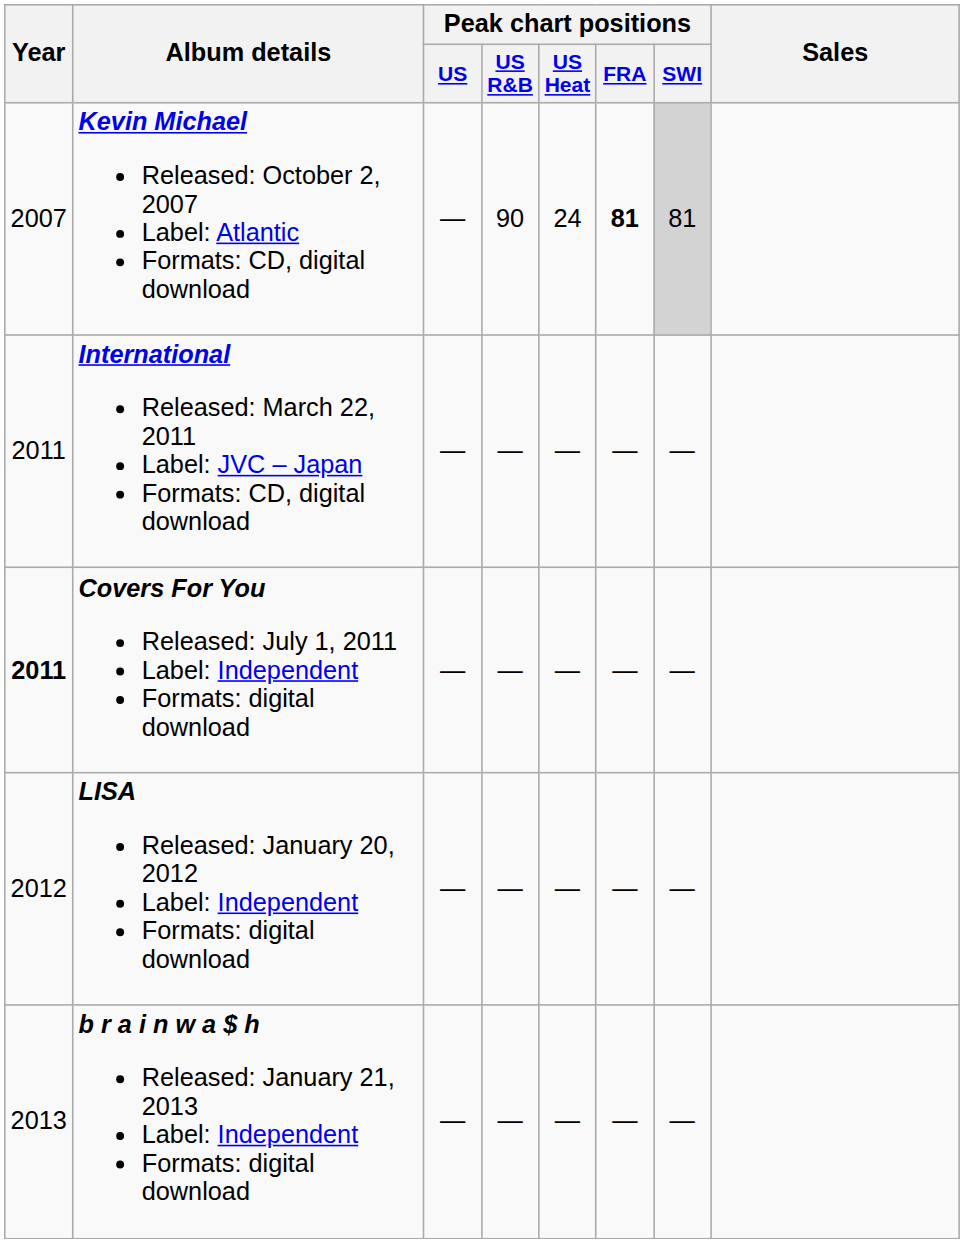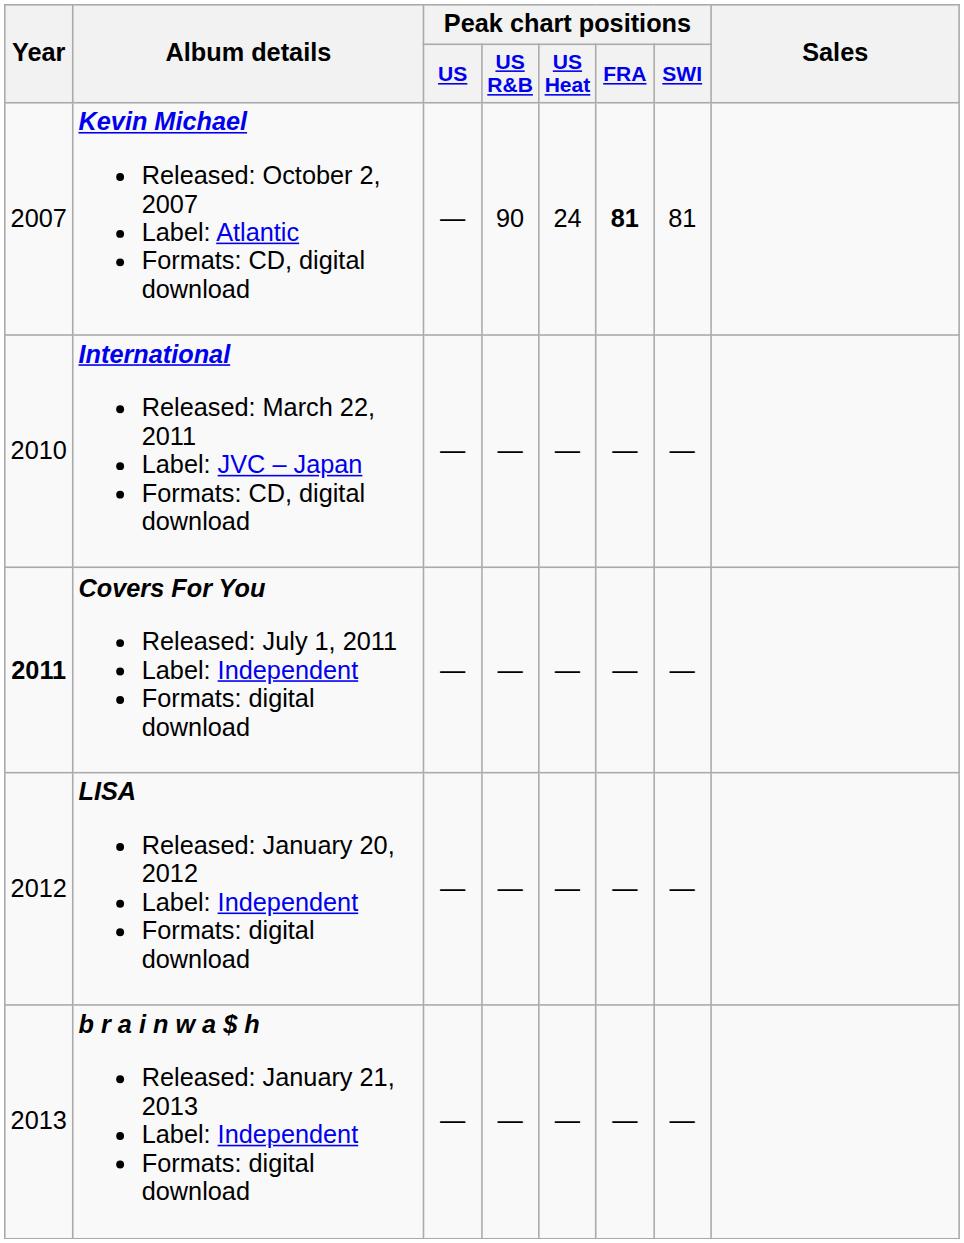 <table class="wikitable">
 <tr>
 <th rowspan="2" style="width:33px;">Year</th>
 <th rowspan="2" style="width:215px;">Album details</th>
 <th colspan="5">Peak chart positions</th>
 <th rowspan="2" style="width:150px;">Sales</th>
 </tr>
 <tr style="font-size:smaller;">
 <th width="30"><a href='#'>US</a><br></th>
 <th width="30"><a href='#'>US R&B</a><br></th>
 <th width="30"><a href='#'>US Heat</a><br></th>
 <th width="30"><a href='#'>FRA</a><br></th>
 <th width="30"><a href='#'>SWI</a><br></th>
 </tr>
 <tr>
 <td style="text-align:center;">2007</td>
 <td><strong><em><a href='#'>Kevin Michael</a></em></strong><br><ul><li>Released: October 2, 2007</li><li>Label: <a href='#'>Atlantic</a></li><li>Formats: CD, digital download</li></ul></td>
 <td style="text-align:center;">—</td>
 <td style="text-align:center;">90</td>
 <td style="text-align:center;">24</td>
 <td style="text-align:center;"><strong>81</strong></td>
-<td style="background: lightgrey; text-align:center;">81</td>
+<td style="text-align:center;">81</td>
 <td></td>
 </tr>
 <tr>
-<td style="text-align:center;">2011</td>
+<td style="text-align:center;">2010</td>
 <td><strong><em><a href='#'>International</a></em></strong><br><ul><li>Released: March 22, 2011</li><li>Label: <a href='#'>JVC – Japan</a></li><li>Formats: CD, digital download</li></ul></td>
 <td style="text-align:center;">—</td>
 <td style="text-align:center;">—</td>
 <td style="text-align:center;">—</td>
 <td style="text-align:center;">—</td>
 <td style="text-align:center;">—</td>
 <td></td>
 </tr>
 <tr>
 <td style="text-align:center;"><strong>2011</strong></td>
 <td><strong><em>Covers For You</em></strong><br><ul><li>Released: July 1, 2011</li><li>Label: <a href='#'>Independent</a></li><li>Formats: digital download</li></ul></td>
 <td style="text-align:center;">—</td>
 <td style="text-align:center;">—</td>
 <td style="text-align:center;">—</td>
 <td style="text-align:center;">—</td>
 <td style="text-align:center;">—</td>
 <td></td>
 </tr>
 <tr>
 <td style="text-align:center;">2012</td>
 <td><strong><em>LISA</em></strong><br><ul><li>Released: January 20, 2012</li><li>Label: <a href='#'>Independent</a></li><li>Formats: digital download</li></ul></td>
 <td style="text-align:center;">—</td>
 <td style="text-align:center;">—</td>
 <td style="text-align:center;">—</td>
 <td style="text-align:center;">—</td>
 <td style="text-align:center;">—</td>
 <td></td>
 </tr>
 <tr>
 <td style="text-align:center;">2013</td>
 <td><strong><em>b r a i n w a $ h</em></strong><br><ul><li>Released: January 21, 2013</li><li>Label: <a href='#'>Independent</a></li><li>Formats: digital download</li></ul></td>
 <td style="text-align:center;">—</td>
 <td style="text-align:center;">—</td>
 <td style="text-align:center;">—</td>
 <td style="text-align:center;">—</td>
 <td style="text-align:center;">—</td>
 <td></td>
 </tr>
 </table>
